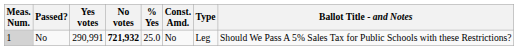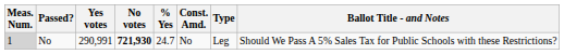 <table class="wikitable sortable">
 <tr>
 <th>Meas.<br>Num.</th>
 <th>Passed?</th>
 <th>Yes<br>votes</th>
 <th>No<br>votes</th>
 <th>%<br>Yes</th>
 <th>Const.<br>Amd.</th>
 <th>Type<br></th>
 <th>Ballot Title - <em>and Notes</em></th>
 </tr>
 <tr>
 <td style="background: lightgrey;">1</td>
 <td>No</td>
 <td>290,991</td>
-<td><strong>721,932</strong></td>
-<td>25.0</td>
+<td><strong>721,930</strong></td>
+<td>24.7</td>
 <td>No</td>
 <td>Leg</td>
 <td>Should We Pass A 5% Sales Tax for Public Schools with these Restrictions?</td>
 </tr>
 </table>
